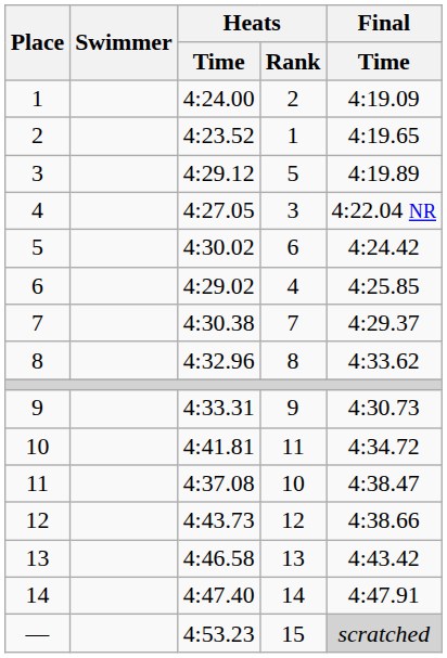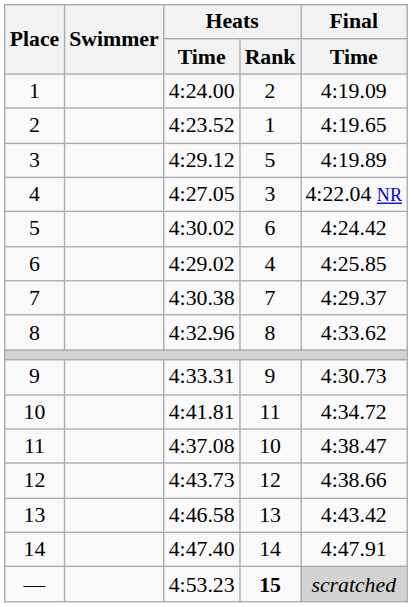 <table class="wikitable" style="text-align:center;">
 <tr>
 <th rowspan="2">Place</th>
 <th rowspan="2">Swimmer</th>
 <th colspan="2">Heats</th>
 <th>Final</th>
 </tr>
 <tr>
 <th>Time</th>
 <th>Rank</th>
 <th>Time</th>
 </tr>
 <tr>
 <td>1</td>
 <td align=left></td>
 <td>4:24.00</td>
 <td>2</td>
 <td>4:19.09</td>
 </tr>
 <tr>
 <td>2</td>
 <td align=left></td>
 <td>4:23.52</td>
 <td>1</td>
 <td>4:19.65</td>
 </tr>
 <tr>
 <td>3</td>
 <td align=left></td>
 <td>4:29.12</td>
 <td>5</td>
 <td>4:19.89</td>
 </tr>
 <tr>
 <td>4</td>
 <td align=left></td>
 <td>4:27.05</td>
 <td>3</td>
 <td>4:22.04 <small><a href='#'>NR</a></small></td>
 </tr>
 <tr>
 <td>5</td>
 <td align=left></td>
 <td>4:30.02</td>
 <td>6</td>
 <td>4:24.42</td>
 </tr>
 <tr>
 <td>6</td>
 <td align=left></td>
 <td>4:29.02</td>
 <td>4</td>
 <td>4:25.85</td>
 </tr>
 <tr>
 <td>7</td>
 <td align=left></td>
 <td>4:30.38</td>
 <td>7</td>
 <td>4:29.37</td>
 </tr>
 <tr>
 <td>8</td>
 <td align=left></td>
 <td>4:32.96</td>
 <td>8</td>
 <td>4:33.62</td>
 </tr>
 <tr>
 <td colspan=5 bgcolor=lightgray></td>
 </tr>
 <tr>
 <td>9</td>
 <td align=left></td>
 <td>4:33.31</td>
 <td>9</td>
 <td>4:30.73</td>
 </tr>
 <tr>
 <td>10</td>
 <td align=left></td>
 <td>4:41.81</td>
 <td>11</td>
 <td>4:34.72</td>
 </tr>
 <tr>
 <td>11</td>
 <td align=left></td>
 <td>4:37.08</td>
 <td>10</td>
 <td>4:38.47</td>
 </tr>
 <tr>
 <td>12</td>
 <td align=left></td>
 <td>4:43.73</td>
 <td>12</td>
 <td>4:38.66</td>
 </tr>
 <tr>
 <td>13</td>
 <td align=left></td>
 <td>4:46.58</td>
 <td>13</td>
 <td>4:43.42</td>
 </tr>
 <tr>
 <td>14</td>
 <td align=left></td>
 <td>4:47.40</td>
 <td>14</td>
 <td>4:47.91</td>
 </tr>
 <tr>
 <td>—</td>
 <td align=left></td>
 <td>4:53.23</td>
-<td>15</td>
+<td><strong>15</strong></td>
 <td style="background: lightgrey;"><em>scratched</em></td>
 </tr>
 </table>
